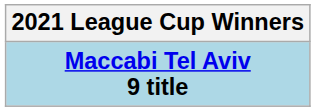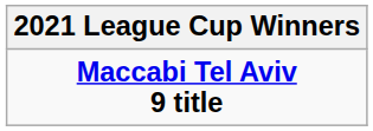 <table class=wikitable style="text-align:center; margin:auto">
 <tr>
 <th>2021 League Cup Winners</th>
 </tr>
 <tr>
-<td style="background: lightblue;"><strong><a href='#'>Maccabi Tel Aviv</a></strong> <br> <strong>9 title</strong></td>
+<td><strong><a href='#'>Maccabi Tel Aviv</a></strong> <br> <strong>9 title</strong></td>
 </tr>
 </table>
